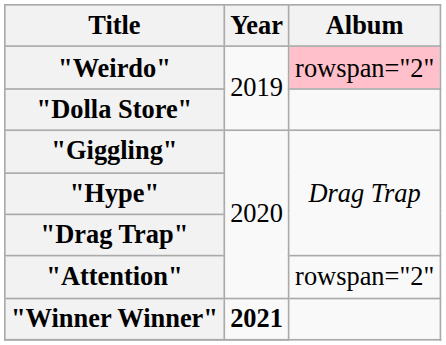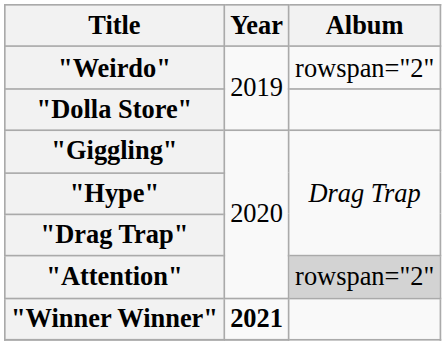 <table class="wikitable plainrowheaders" style="text-align:center;">
 <tr>
 <th>Title</th>
 <th>Year</th>
 <th>Album</th>
 </tr>
 <tr>
 <th scope="row">"Weirdo"<br></th>
 <td rowspan="2">2019</td>
-<td style="background: pink;">rowspan="2" </td>
+<td>rowspan="2" </td>
 </tr>
 <tr>
 <th scope="row">"Dolla Store"</th>
 </tr>
 <tr>
 <th scope="row">"Giggling"</th>
 <td rowspan="4">2020</td>
 <td rowspan="3"><em>Drag Trap</em></td>
 </tr>
 <tr>
 <th scope="row">"Hype"<br></th>
 </tr>
 <tr>
 <th scope="row">"Drag Trap"<br></th>
 </tr>
 <tr>
 <th scope="row">"Attention"<br></th>
-<td>rowspan="2" </td>
+<td style="background: lightgrey;">rowspan="2" </td>
 </tr>
 <tr>
 <th scope="row">"Winner Winner" </th>
 <td><strong>2021</strong></td>
 </tr>
 <tr>
 </tr>
 </table>
